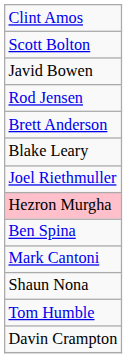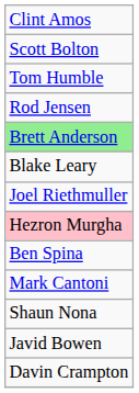 <table class="wikitable" style="font-size:80%">
 <tr>
 <td> <a href='#'>Clint Amos</a></td>
 </tr>
 <tr>
 <td> <a href='#'>Scott Bolton</a></td>
 </tr>
 <tr>
-<td> Javid Bowen</td>
+<td> <a href='#'>Tom Humble</a></td>
 </tr>
 <tr>
 <td> <a href='#'>Rod Jensen</a></td>
 </tr>
 <tr>
-<td> <a href='#'>Brett Anderson</a></td>
+<td style="background: lightgreen;"> <a href='#'>Brett Anderson</a></td>
 </tr>
 <tr>
 <td> Blake Leary</td>
 </tr>
 <tr>
 <td> <a href='#'>Joel Riethmuller</a></td>
 </tr>
 <tr>
 <td style="background: pink;"> Hezron Murgha</td>
 </tr>
 <tr>
 <td> <a href='#'>Ben Spina</a></td>
 </tr>
 <tr>
 <td> <a href='#'>Mark Cantoni</a></td>
 </tr>
 <tr>
 <td> Shaun Nona</td>
 </tr>
 <tr>
-<td> <a href='#'>Tom Humble</a></td>
+<td> Javid Bowen</td>
 </tr>
 <tr>
 <td> Davin Crampton</td>
 </tr>
 <tr>
 </tr>
 </table>
